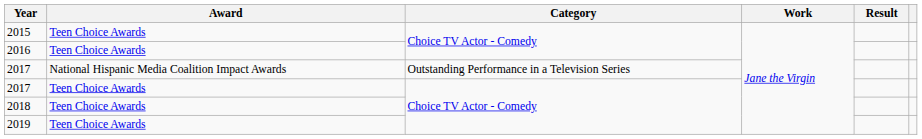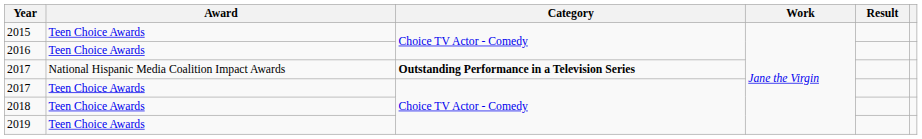 <table class="wikitable sortable" style="width: 99%;">
 <tr>
 <th scope="col">Year</th>
 <th scope="col">Award</th>
 <th scope="col">Category</th>
 <th scope="col">Work</th>
 <th scope="col">Result</th>
 <th scope="col" class="unsortable"></th>
 </tr>
 <tr>
 <td>2015</td>
 <td><a href='#'>Teen Choice Awards</a></td>
 <td rowspan="2"><a href='#'>Choice TV Actor - Comedy</a></td>
 <td rowspan="6"><em><a href='#'>Jane the Virgin</a></em></td>
 <td></td>
 <td align="center"></td>
 </tr>
 <tr>
 <td>2016</td>
 <td><a href='#'>Teen Choice Awards</a></td>
 <td></td>
 <td align="center"></td>
 </tr>
 <tr>
 <td>2017</td>
 <td>National Hispanic Media Coalition Impact Awards</td>
-<td>Outstanding Performance in a Television Series</td>
+<td><strong>Outstanding Performance in a Television Series</strong></td>
 <td></td>
 <td></td>
 </tr>
 <tr>
 <td>2017</td>
 <td><a href='#'>Teen Choice Awards</a></td>
 <td rowspan="3"><a href='#'>Choice TV Actor - Comedy</a></td>
 <td></td>
 <td></td>
 </tr>
 <tr>
 <td>2018</td>
 <td><a href='#'>Teen Choice Awards</a></td>
 <td></td>
 <td style="text-align:center;"></td>
 </tr>
 <tr>
 <td>2019</td>
 <td><a href='#'>Teen Choice Awards</a></td>
 <td></td>
 <td style="text-align:center;"></td>
 </tr>
 </table>
